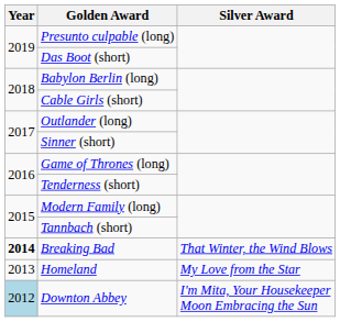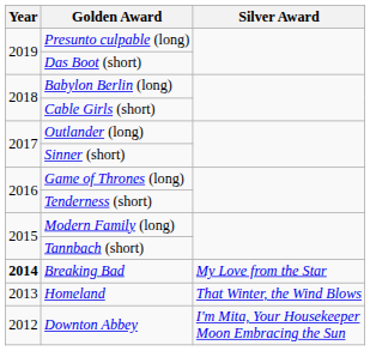 <table class="wikitable">
 <tr>
 <th>Year</th>
 <th>Golden Award</th>
 <th>Silver Award</th>
 </tr>
 <tr>
 <td rowspan=2>2019</td>
 <td> <em><a href='#'>Presunto culpable</a></em> (long)</td>
 <td rowspan=2></td>
 </tr>
 <tr>
 <td> <em><a href='#'>Das Boot</a></em> (short)</td>
 </tr>
 <tr>
 <td rowspan=2>2018</td>
 <td> <em><a href='#'>Babylon Berlin</a></em> (long)</td>
 <td rowspan=2></td>
 </tr>
 <tr>
 <td> <em><a href='#'>Cable Girls</a></em> (short)</td>
 </tr>
 <tr>
 <td rowspan=2>2017</td>
 <td> <em><a href='#'>Outlander</a></em> (long)</td>
 <td rowspan=2></td>
 </tr>
 <tr>
 <td> <em><a href='#'>Sinner</a></em> (short)</td>
 </tr>
 <tr>
 <td rowspan=2>2016</td>
 <td> <em><a href='#'>Game of Thrones</a></em> (long)</td>
 <td rowspan=2></td>
 </tr>
 <tr>
 <td> <em><a href='#'>Tenderness</a></em> (short)</td>
 </tr>
 <tr>
 <td rowspan=2>2015</td>
 <td> <em><a href='#'>Modern Family</a></em> (long)</td>
 <td rowspan=2></td>
 </tr>
 <tr>
 <td> <em><a href='#'>Tannbach</a></em> (short)</td>
 </tr>
 <tr>
 <td><strong>2014</strong></td>
 <td> <em><a href='#'>Breaking Bad</a></em></td>
-<td> <em><a href='#'>That Winter, the Wind Blows</a></em></td>
+<td> <em><a href='#'>My Love from the Star</a></em></td>
 </tr>
 <tr>
 <td>2013</td>
 <td> <em><a href='#'>Homeland</a></em></td>
-<td> <em><a href='#'>My Love from the Star</a></em></td>
+<td> <em><a href='#'>That Winter, the Wind Blows</a></em></td>
 </tr>
 <tr>
-<td style="background: lightblue;">2012</td>
+<td>2012</td>
 <td> <em><a href='#'>Downton Abbey</a></em></td>
 <td> <em><a href='#'>I'm Mita, Your Housekeeper</a></em><br> <em><a href='#'>Moon Embracing the Sun</a></em></td>
 </tr>
 </table>
